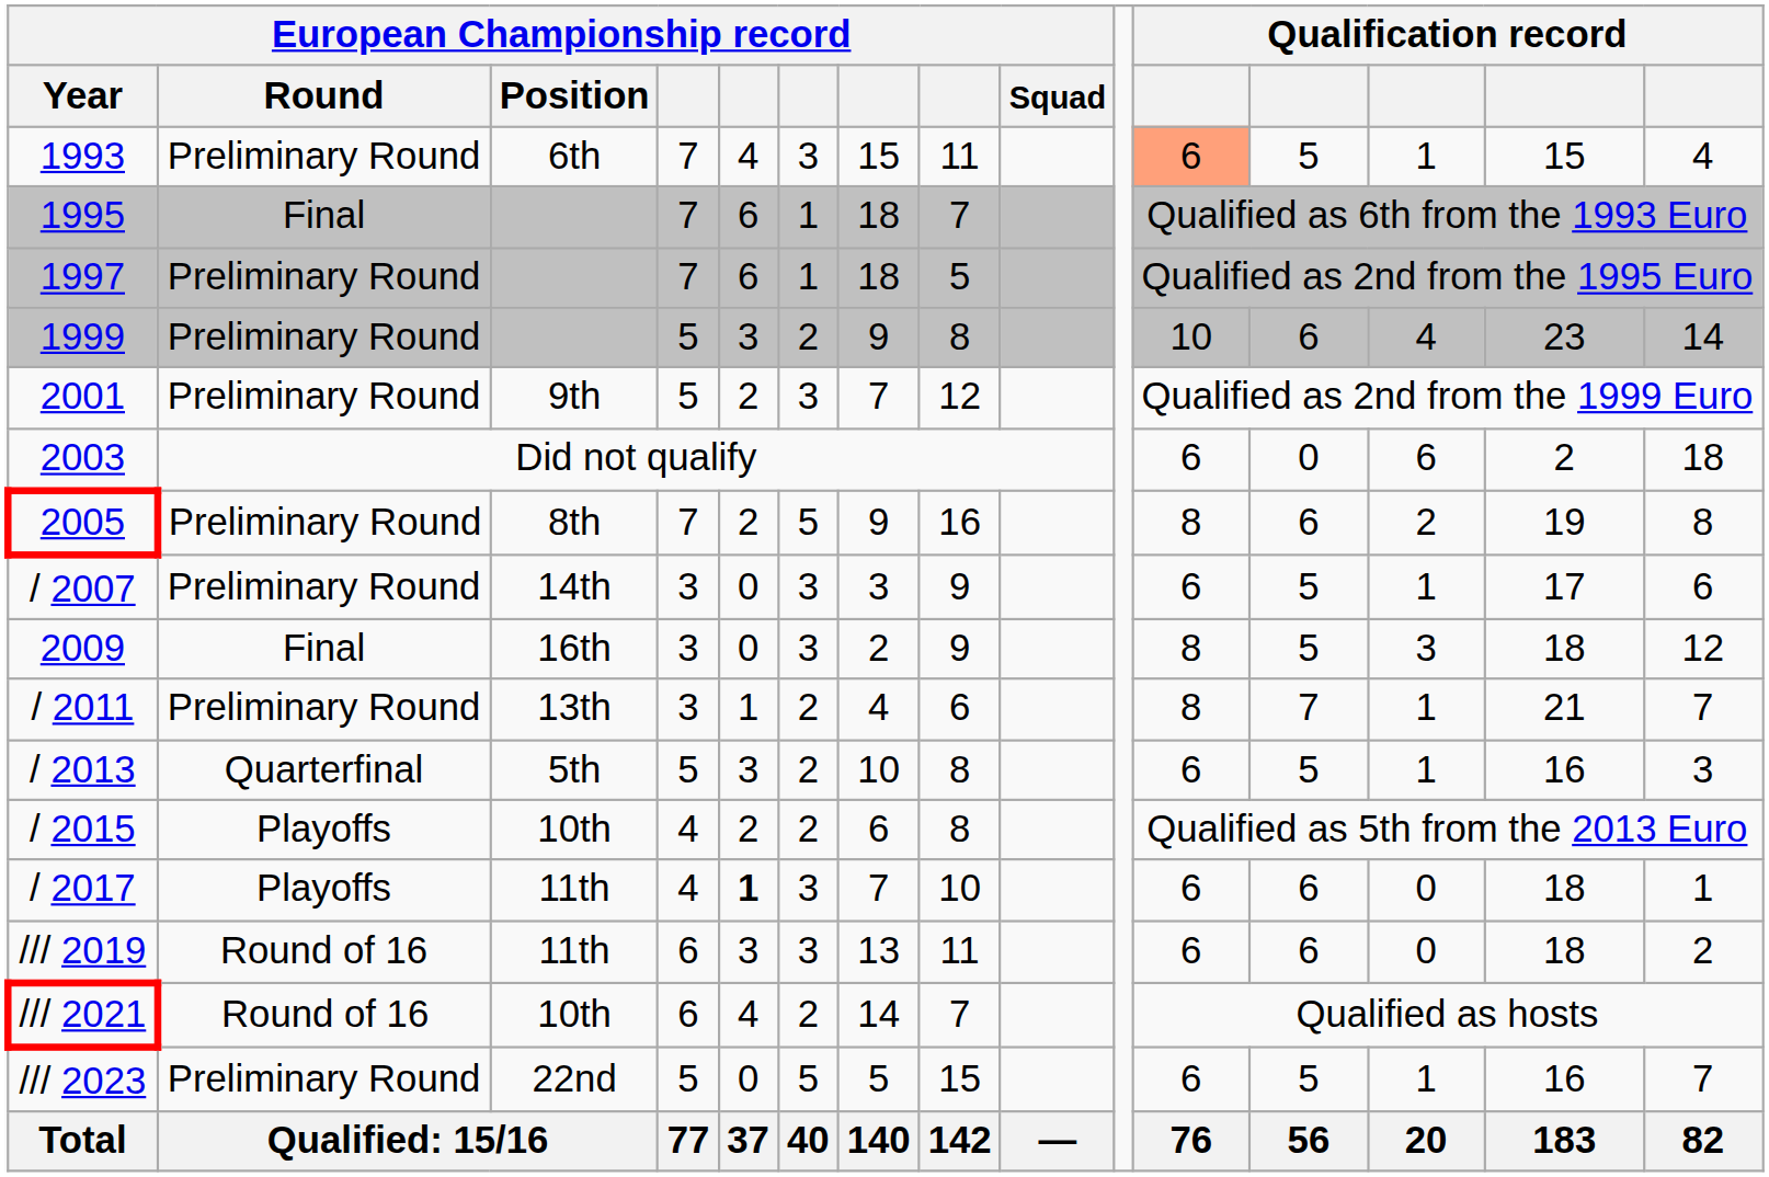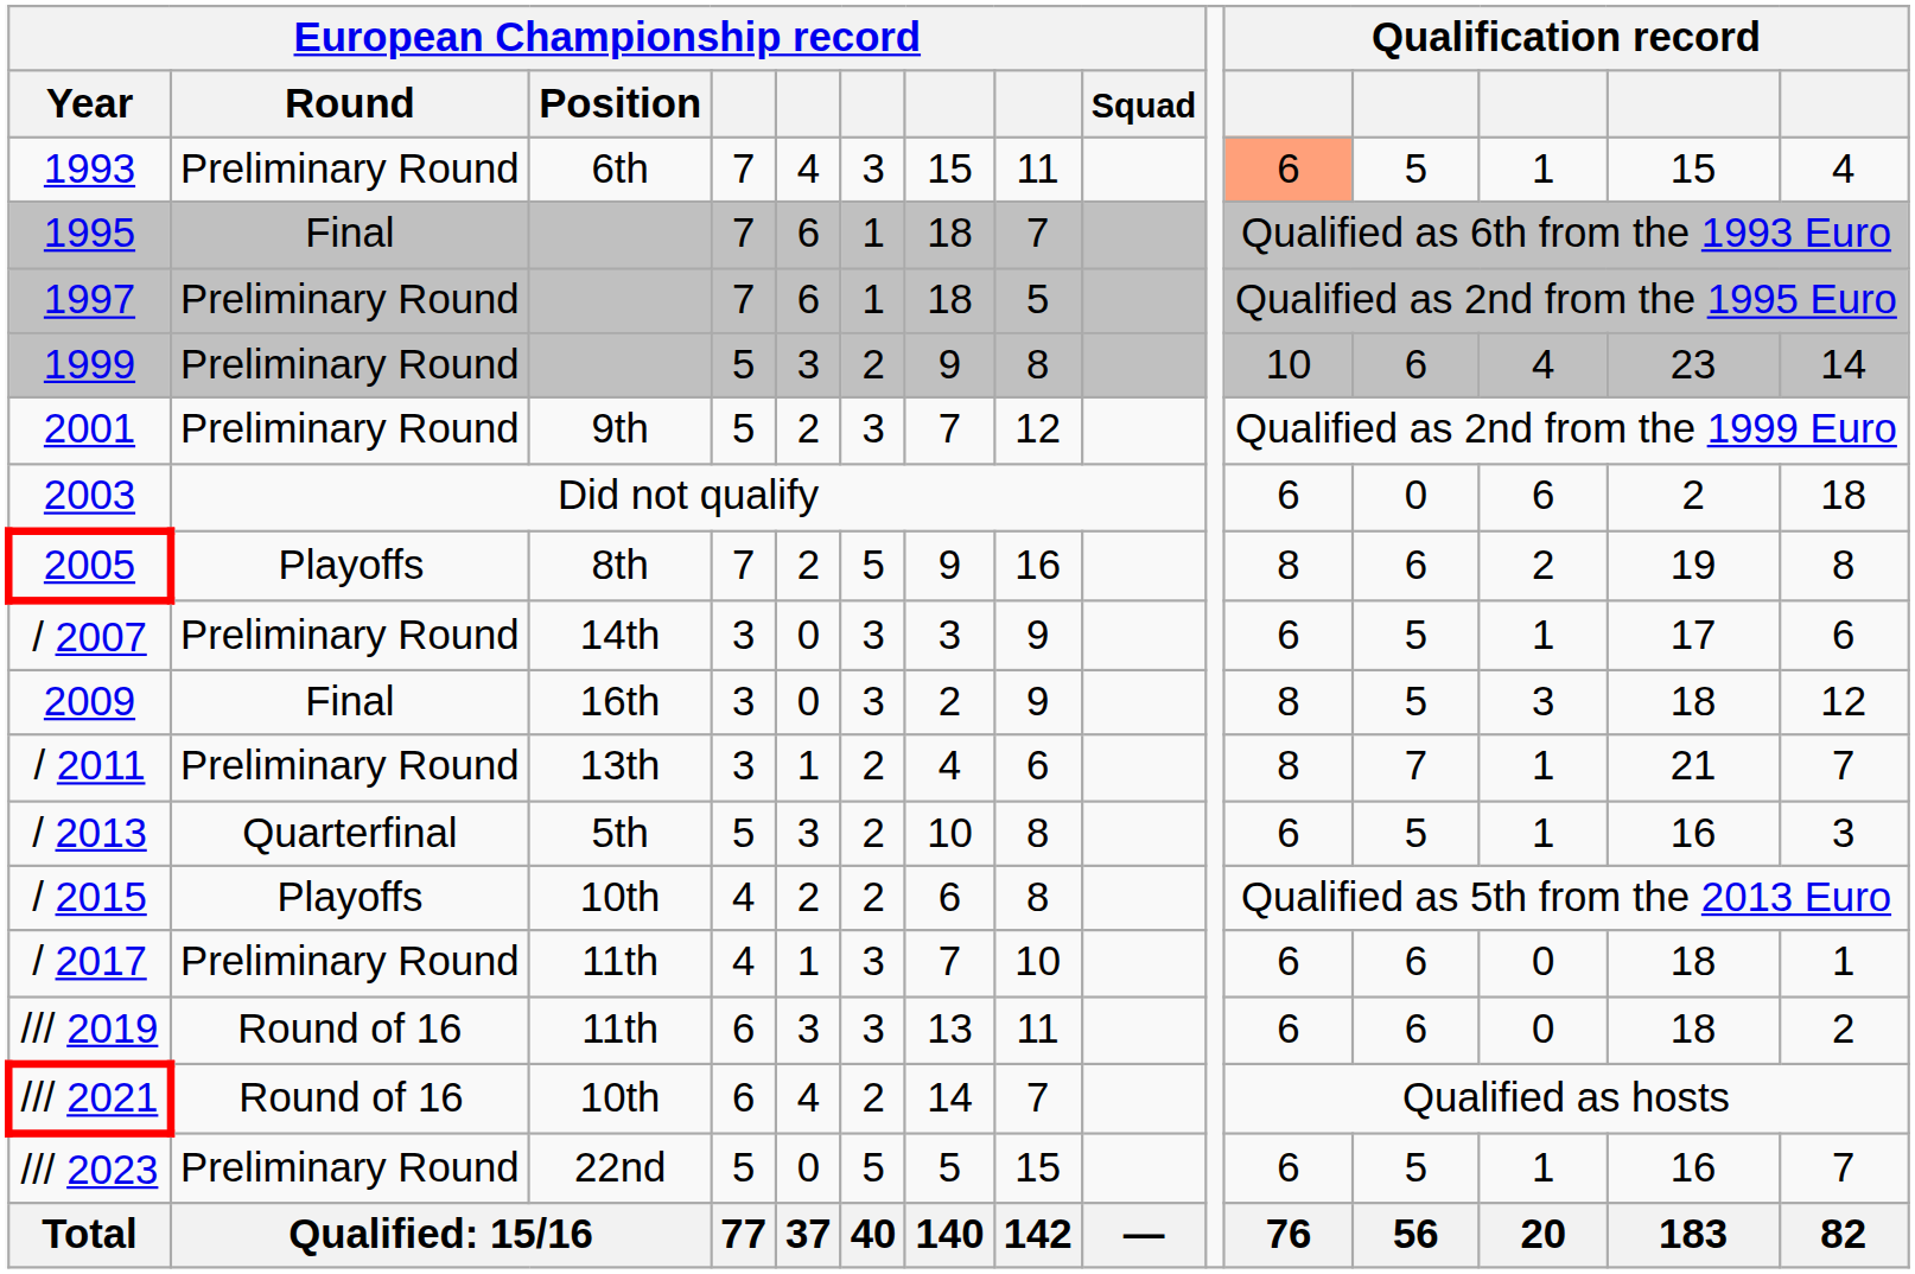 <table class="wikitable" style="text-align: center;">
 <tr>
 <th colspan=9><a href='#'>European Championship record</a></th>
 <td width=1% rowspan=19></td>
 <th colspan=5>Qualification record</th>
 </tr>
 <tr>
 <th>Year</th>
 <th>Round</th>
 <th>Position</th>
 <th></th>
 <th></th>
 <th></th>
 <th></th>
 <th></th>
 <th><small>Squad</small></th>
 <th></th>
 <th></th>
 <th></th>
 <th></th>
 <th></th>
 </tr>
 <tr>
 <td> <a href='#'>1993</a></td>
 <td>Preliminary Round</td>
 <td>6th</td>
 <td>7</td>
 <td>4</td>
 <td>3</td>
 <td>15</td>
 <td>11</td>
 <td></td>
 <td style="background: lightsalmon;">6</td>
 <td>5</td>
 <td>1</td>
 <td>15</td>
 <td>4</td>
 </tr>
 <tr style="background:silver;">
 <td> <a href='#'>1995</a></td>
 <td>Final</td>
 <td></td>
 <td>7</td>
 <td>6</td>
 <td>1</td>
 <td>18</td>
 <td>7</td>
 <td></td>
 <td colspan="5">Qualified as 6th from the <a href='#'>1993 Euro</a></td>
 </tr>
 <tr style="background:silver;">
 <td> <a href='#'>1997</a></td>
 <td>Preliminary Round</td>
 <td></td>
 <td>7</td>
 <td>6</td>
 <td>1</td>
 <td>18</td>
 <td>5</td>
 <td></td>
 <td colspan="5">Qualified as 2nd from the <a href='#'>1995 Euro</a></td>
 </tr>
 <tr style="background:silver;">
 <td> <a href='#'>1999</a></td>
 <td>Preliminary Round</td>
 <td></td>
 <td>5</td>
 <td>3</td>
 <td>2</td>
 <td>9</td>
 <td>8</td>
 <td></td>
 <td>10</td>
 <td>6</td>
 <td>4</td>
 <td>23</td>
 <td>14</td>
 </tr>
 <tr>
 <td> <a href='#'>2001</a></td>
 <td>Preliminary Round</td>
 <td>9th</td>
 <td>5</td>
 <td>2</td>
 <td>3</td>
 <td>7</td>
 <td>12</td>
 <td></td>
 <td colspan="5">Qualified as 2nd from the <a href='#'>1999 Euro</a></td>
 </tr>
 <tr>
 <td> <a href='#'>2003</a></td>
 <td colspan="8">Did not qualify</td>
 <td>6</td>
 <td>0</td>
 <td>6</td>
 <td>2</td>
 <td>18</td>
 </tr>
 <tr>
 <td style="border: 3px solid red"> <a href='#'>2005</a></td>
-<td>Preliminary Round</td>
+<td>Playoffs</td>
 <td>8th</td>
 <td>7</td>
 <td>2</td>
 <td>5</td>
 <td>9</td>
 <td>16</td>
 <td></td>
 <td>8</td>
 <td>6</td>
 <td>2</td>
 <td>19</td>
 <td>8</td>
 </tr>
 <tr>
 <td>/ <a href='#'>2007</a></td>
 <td>Preliminary Round</td>
 <td>14th</td>
 <td>3</td>
 <td>0</td>
 <td>3</td>
 <td>3</td>
 <td>9</td>
 <td></td>
 <td>6</td>
 <td>5</td>
 <td>1</td>
 <td>17</td>
 <td>6</td>
 </tr>
 <tr>
 <td> <a href='#'>2009</a></td>
 <td>Final</td>
 <td>16th</td>
 <td>3</td>
 <td>0</td>
 <td>3</td>
 <td>2</td>
 <td>9</td>
 <td></td>
 <td>8</td>
 <td>5</td>
 <td>3</td>
 <td>18</td>
 <td>12</td>
 </tr>
 <tr>
 <td>/ <a href='#'>2011</a></td>
 <td>Preliminary Round</td>
 <td>13th</td>
 <td>3</td>
 <td>1</td>
 <td>2</td>
 <td>4</td>
 <td>6</td>
 <td></td>
 <td>8</td>
 <td>7</td>
 <td>1</td>
 <td>21</td>
 <td>7</td>
 </tr>
 <tr>
 <td>/ <a href='#'>2013</a></td>
 <td>Quarterfinal</td>
 <td>5th</td>
 <td>5</td>
 <td>3</td>
 <td>2</td>
 <td>10</td>
 <td>8</td>
 <td></td>
 <td>6</td>
 <td>5</td>
 <td>1</td>
 <td>16</td>
 <td>3</td>
 </tr>
 <tr>
 <td>/ <a href='#'>2015</a></td>
 <td>Playoffs</td>
 <td>10th</td>
 <td>4</td>
 <td>2</td>
 <td>2</td>
 <td>6</td>
 <td>8</td>
 <td></td>
 <td colspan="5">Qualified as 5th from the <a href='#'>2013 Euro</a></td>
 </tr>
 <tr>
 <td>/ <a href='#'>2017</a></td>
-<td>Playoffs</td>
+<td>Preliminary Round</td>
 <td>11th</td>
 <td>4</td>
-<td><strong>1</strong></td>
+<td>1</td>
 <td>3</td>
 <td>7</td>
 <td>10</td>
 <td></td>
 <td>6</td>
 <td>6</td>
 <td>0</td>
 <td>18</td>
 <td>1</td>
 </tr>
 <tr>
 <td>/// <a href='#'>2019</a></td>
 <td>Round of 16</td>
 <td>11th</td>
 <td>6</td>
 <td>3</td>
 <td>3</td>
 <td>13</td>
 <td>11</td>
 <td></td>
 <td>6</td>
 <td>6</td>
 <td>0</td>
 <td>18</td>
 <td>2</td>
 </tr>
 <tr>
 <td style="border: 3px solid red">/// <a href='#'>2021</a></td>
 <td>Round of 16</td>
 <td>10th</td>
 <td>6</td>
 <td>4</td>
 <td>2</td>
 <td>14</td>
 <td>7</td>
 <td></td>
 <td colspan="5">Qualified as hosts</td>
 </tr>
 <tr>
 <td>/// <a href='#'>2023</a></td>
 <td>Preliminary Round</td>
 <td>22nd</td>
 <td>5</td>
 <td>0</td>
 <td>5</td>
 <td>5</td>
 <td>15</td>
 <td></td>
 <td>6</td>
 <td>5</td>
 <td>1</td>
 <td>16</td>
 <td>7</td>
 </tr>
 <tr>
 <th>Total</th>
 <th colspan="2">Qualified: 15/16</th>
 <th>77</th>
 <th>37</th>
 <th>40</th>
 <th>140</th>
 <th>142</th>
 <th>—</th>
 <th>76</th>
 <th>56</th>
 <th>20</th>
 <th>183</th>
 <th>82</th>
 </tr>
 </table>
